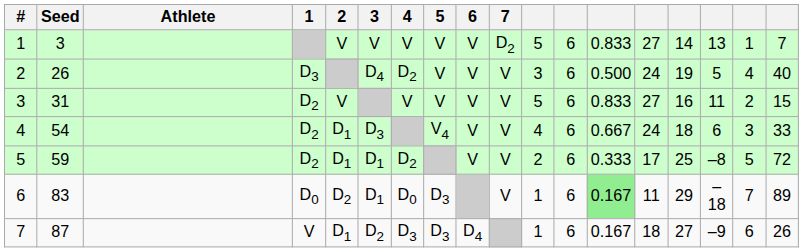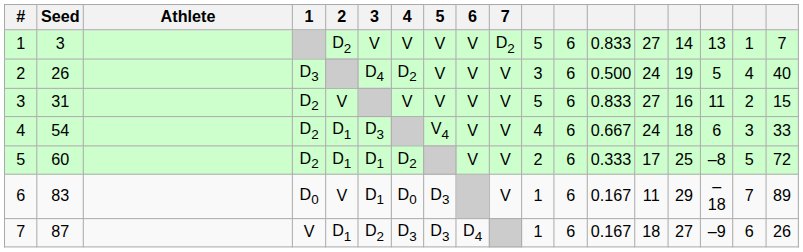 <table class="wikitable" style="text-align:center">
 <tr>
 <th width="25">#</th>
 <th width="25">Seed</th>
 <th width="200">Athlete</th>
 <th width="25">1</th>
 <th width="25">2</th>
 <th width="25">3</th>
 <th width="25">4</th>
 <th width="25">5</th>
 <th width="25">6</th>
 <th width="25">7</th>
 <th width="25"></th>
 <th width="25"></th>
 <th width="40"></th>
 <th width="25"></th>
 <th width="25"></th>
 <th width="25"></th>
 <th width="25"></th>
 <th width="25"></th>
 </tr>
 <tr bgcolor="ccffcc">
 <td>1</td>
 <td>3</td>
 <td align=left></td>
 <td bgcolor="#cccccc"></td>
-<td>V</td>
+<td>D<sub>2</sub></td>
 <td>V</td>
 <td>V</td>
 <td>V</td>
 <td>V</td>
 <td>D<sub>2</sub></td>
 <td>5</td>
 <td>6</td>
 <td>0.833</td>
 <td>27</td>
 <td>14</td>
 <td>13</td>
 <td>1</td>
 <td>7</td>
 </tr>
 <tr bgcolor="ccffcc">
 <td>2</td>
 <td>26</td>
 <td align=left></td>
 <td>D<sub>3</sub></td>
 <td bgcolor="#cccccc"></td>
 <td>D<sub>4</sub></td>
 <td>D<sub>2</sub></td>
 <td>V</td>
 <td>V</td>
 <td>V</td>
 <td>3</td>
 <td>6</td>
 <td>0.500</td>
 <td>24</td>
 <td>19</td>
 <td>5</td>
 <td>4</td>
 <td>40</td>
 </tr>
 <tr bgcolor="ccffcc">
 <td>3</td>
 <td>31</td>
 <td align=left></td>
 <td>D<sub>2</sub></td>
 <td>V</td>
 <td bgcolor="#cccccc"></td>
 <td>V</td>
 <td>V</td>
 <td>V</td>
 <td>V</td>
 <td>5</td>
 <td>6</td>
 <td>0.833</td>
 <td>27</td>
 <td>16</td>
 <td>11</td>
 <td>2</td>
 <td>15</td>
 </tr>
 <tr bgcolor="ccffcc">
 <td>4</td>
 <td>54</td>
 <td align=left></td>
 <td>D<sub>2</sub></td>
 <td>D<sub>1</sub></td>
 <td>D<sub>3</sub></td>
 <td bgcolor="#cccccc"></td>
 <td>V<sub>4</sub></td>
 <td>V</td>
 <td>V</td>
 <td>4</td>
 <td>6</td>
 <td>0.667</td>
 <td>24</td>
 <td>18</td>
 <td>6</td>
 <td>3</td>
 <td>33</td>
 </tr>
 <tr bgcolor="ccffcc">
 <td>5</td>
-<td>59</td>
+<td>60</td>
 <td align=left></td>
 <td>D<sub>2</sub></td>
 <td>D<sub>1</sub></td>
 <td>D<sub>1</sub></td>
 <td>D<sub>2</sub></td>
 <td bgcolor="#cccccc"></td>
 <td>V</td>
 <td>V</td>
 <td>2</td>
 <td>6</td>
 <td>0.333</td>
 <td>17</td>
 <td>25</td>
 <td>–8</td>
 <td>5</td>
 <td>72</td>
 </tr>
 <tr>
 <td>6</td>
 <td>83</td>
 <td align=left></td>
 <td>D<sub>0</sub></td>
-<td>D<sub>2</sub></td>
+<td>V</td>
 <td>D<sub>1</sub></td>
 <td>D<sub>0</sub></td>
 <td>D<sub>3</sub></td>
 <td bgcolor="#cccccc"></td>
 <td>V</td>
 <td>1</td>
 <td>6</td>
-<td style="background: lightgreen;">0.167</td>
+<td>0.167</td>
 <td>11</td>
 <td>29</td>
 <td>–18</td>
 <td>7</td>
 <td>89</td>
 </tr>
 <tr>
 <td>7</td>
 <td>87</td>
 <td align=left></td>
 <td>V</td>
 <td>D<sub>1</sub></td>
 <td>D<sub>2</sub></td>
 <td>D<sub>3</sub></td>
 <td>D<sub>3</sub></td>
 <td>D<sub>4</sub></td>
 <td bgcolor="#cccccc"></td>
 <td>1</td>
 <td>6</td>
 <td>0.167</td>
 <td>18</td>
 <td>27</td>
 <td>–9</td>
 <td>6</td>
 <td>26</td>
 </tr>
 </table>
